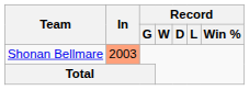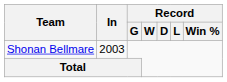 <table class="wikitable" style="text-align: center">
 <tr>
 <th rowspan="2">Team</th>
 <th rowspan="2">In</th>
 <th colspan="5">Record</th>
 </tr>
 <tr>
 <th>G</th>
 <th>W</th>
 <th>D</th>
 <th>L</th>
 <th>Win %</th>
 </tr>
 <tr>
 <td align=left><a href='#'>Shonan Bellmare</a></td>
-<td align=left style="background: lightsalmon;">2003<br></td>
+<td align=left>2003<br></td>
 </tr>
 <tr>
 <th colspan=3>Total<br></th>
 </tr>
 </table>
